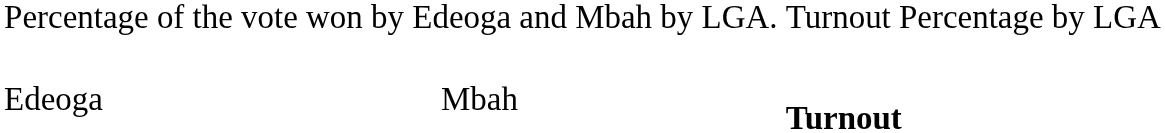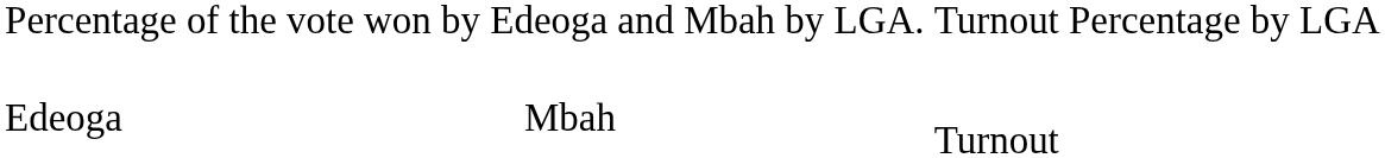 <table align=center>
 <tr>
 <td colspan=2>Percentage of the vote won by Edeoga and Mbah by LGA.</td>
 <td width=220px>Turnout Percentage by LGA</td>
 </tr>
 <tr>
 <td><br>Edeoga<br>  <br> </td>
 <td><br>Mbah<br>  <br> </td>
-<td><strong><br>Turnout<br> </strong></td>
+<td><br>Turnout<br> </td>
 </tr>
 </table>
